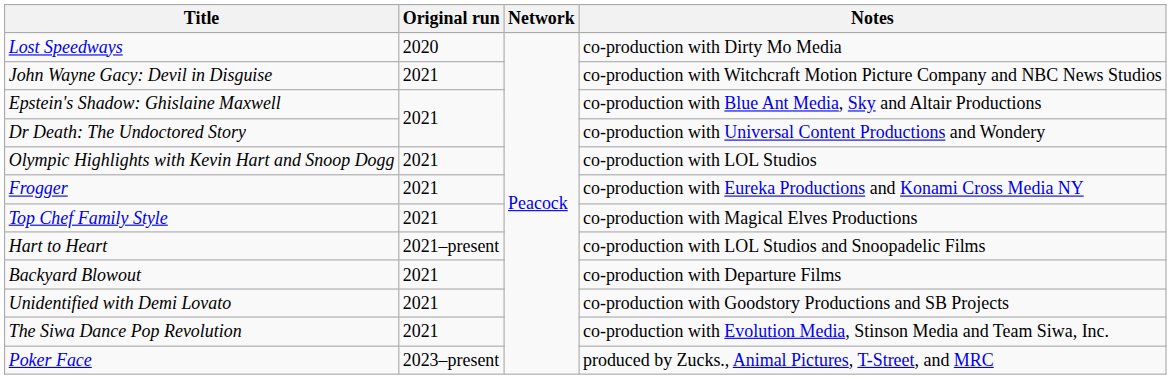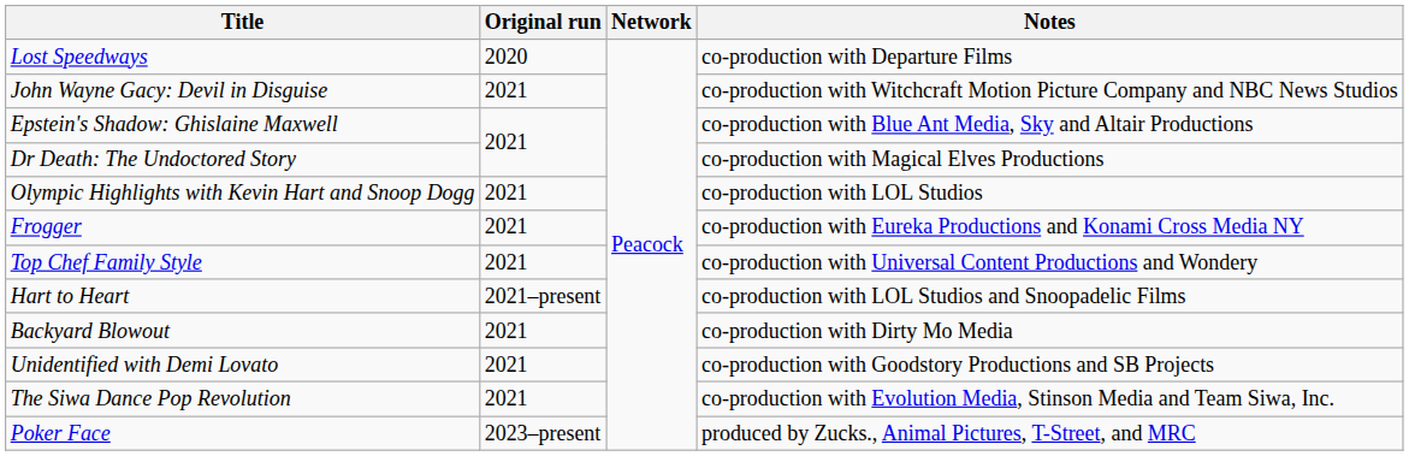 <table class="wikitable sortable">
 <tr>
 <th>Title</th>
 <th>Original run</th>
 <th>Network</th>
 <th>Notes</th>
 </tr>
 <tr>
 <td><em><a href='#'>Lost Speedways</a></em></td>
 <td>2020</td>
 <td rowspan="12"><a href='#'>Peacock</a></td>
-<td>co-production with Dirty Mo Media</td>
+<td>co-production with Departure Films</td>
 </tr>
 <tr>
 <td><em>John Wayne Gacy: Devil in Disguise</em></td>
 <td>2021</td>
 <td>co-production with Witchcraft Motion Picture Company and NBC News Studios</td>
 </tr>
 <tr>
 <td><em>Epstein's Shadow: Ghislaine Maxwell</em></td>
 <td rowspan="2">2021</td>
 <td>co-production with <a href='#'>Blue Ant Media</a>, <a href='#'>Sky</a> and Altair Productions</td>
 </tr>
 <tr>
 <td><em>Dr Death: The Undoctored Story</em></td>
-<td>co-production with <a href='#'>Universal Content Productions</a> and Wondery</td>
+<td>co-production with Magical Elves Productions</td>
 </tr>
 <tr>
 <td><em>Olympic Highlights with Kevin Hart and Snoop Dogg</em></td>
 <td>2021</td>
 <td>co-production with LOL Studios</td>
 </tr>
 <tr>
 <td><em><a href='#'>Frogger</a></em></td>
 <td>2021</td>
 <td>co-production with <a href='#'>Eureka Productions</a> and <a href='#'>Konami Cross Media NY</a></td>
 </tr>
 <tr>
 <td><em><a href='#'>Top Chef Family Style</a></em></td>
 <td>2021</td>
-<td>co-production with Magical Elves Productions</td>
+<td>co-production with <a href='#'>Universal Content Productions</a> and Wondery</td>
 </tr>
 <tr>
 <td><em>Hart to Heart</em></td>
 <td>2021–present</td>
 <td>co-production with LOL Studios and Snoopadelic Films</td>
 </tr>
 <tr>
 <td><em>Backyard Blowout</em></td>
 <td>2021</td>
-<td>co-production with Departure Films</td>
+<td>co-production with Dirty Mo Media</td>
 </tr>
 <tr>
 <td><em>Unidentified with Demi Lovato</em></td>
 <td>2021</td>
 <td>co-production with Goodstory Productions and SB Projects</td>
 </tr>
 <tr>
 <td><em>The Siwa Dance Pop Revolution</em></td>
 <td>2021</td>
 <td>co-production with <a href='#'>Evolution Media</a>, Stinson Media and Team Siwa, Inc.</td>
 </tr>
 <tr>
 <td><em><a href='#'>Poker Face</a></em></td>
 <td>2023–present</td>
 <td>produced by Zucks., <a href='#'>Animal Pictures</a>, <a href='#'>T-Street</a>, and <a href='#'>MRC</a></td>
 </tr>
 </table>
